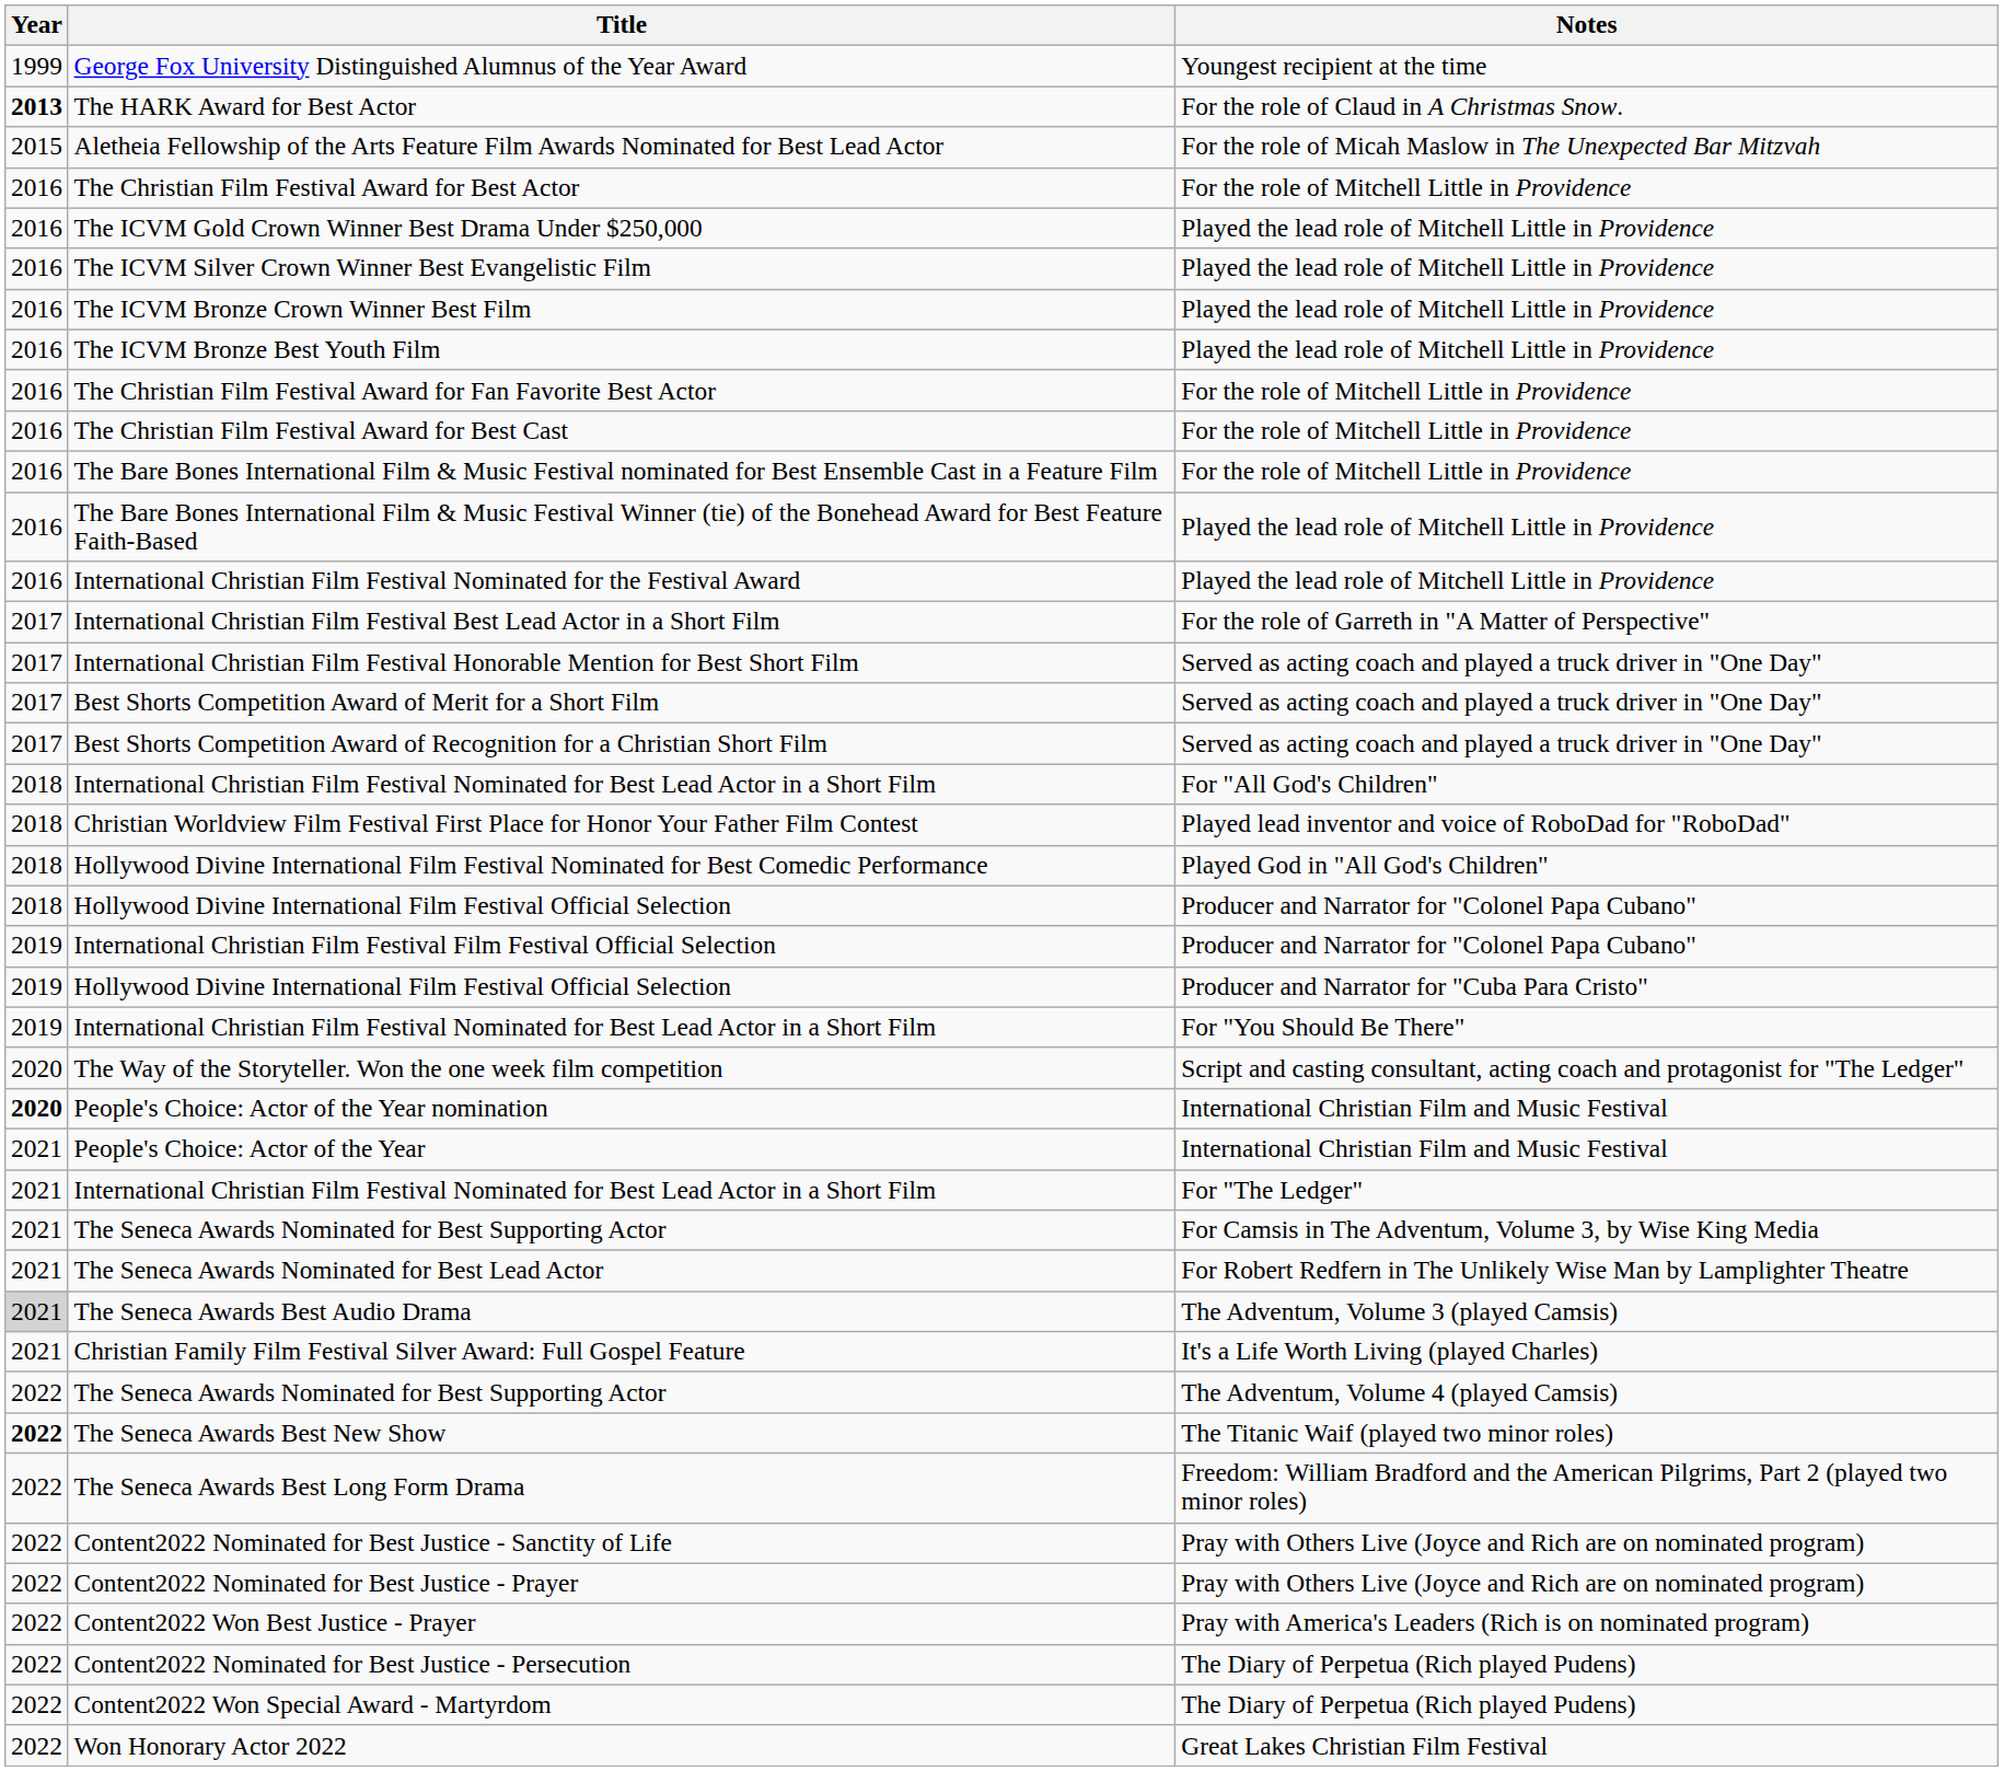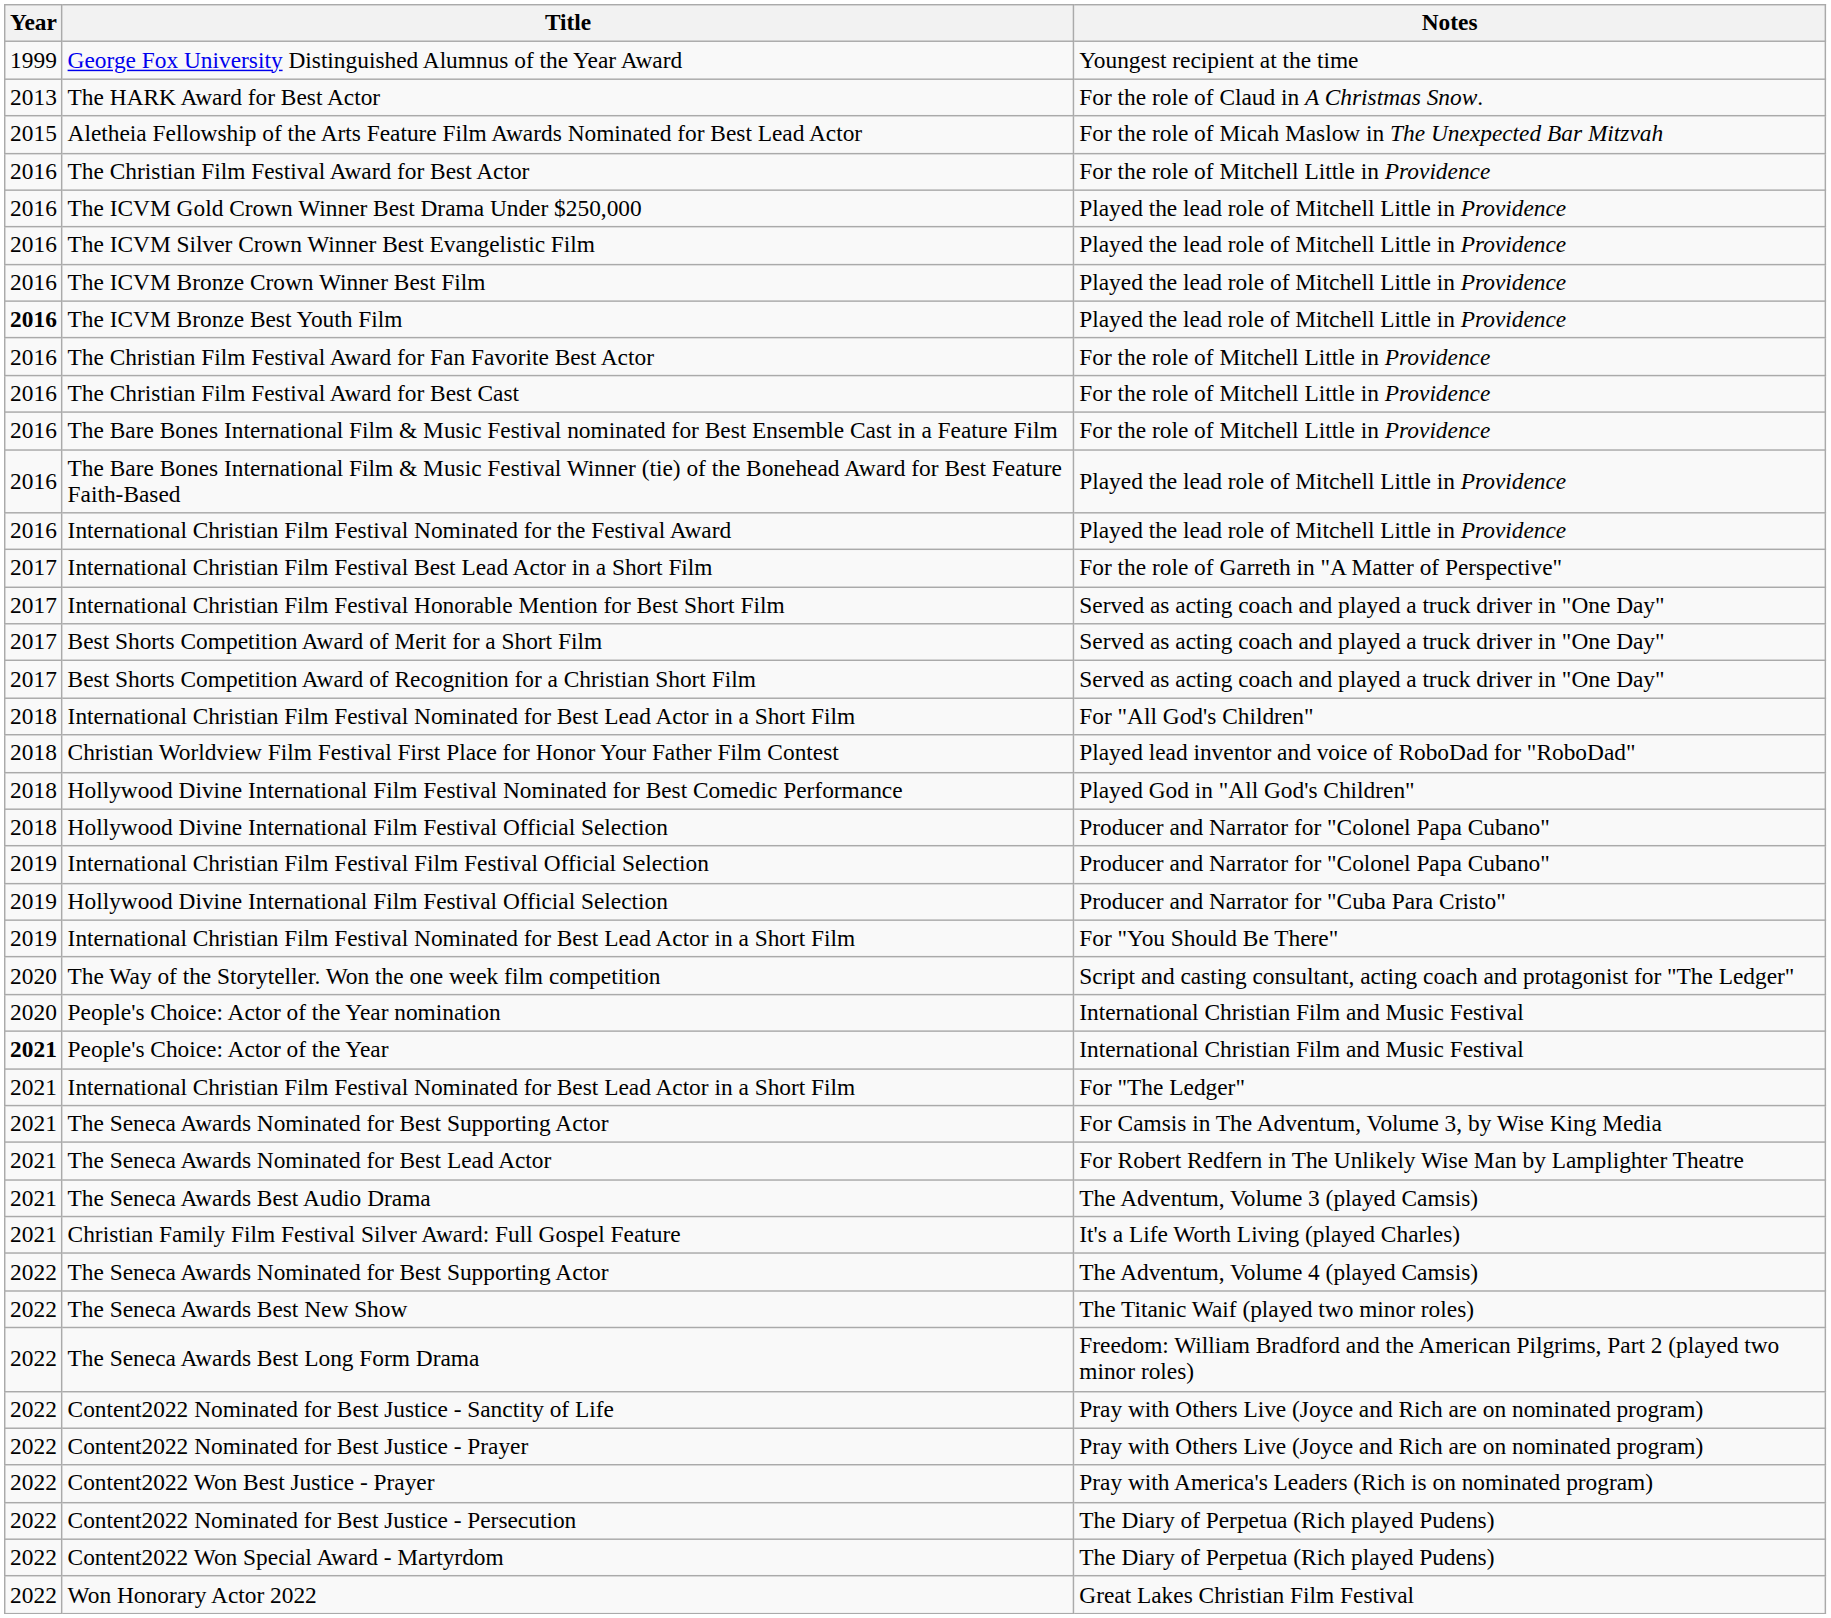 <table class="wikitable sortable">
 <tr>
 <th>Year</th>
 <th>Title</th>
 <th>Notes</th>
 </tr>
 <tr>
 <td>1999</td>
 <td><a href='#'>George Fox University</a> Distinguished Alumnus of the Year Award</td>
 <td>Youngest recipient at the time</td>
 </tr>
 <tr>
-<td><strong>2013</strong></td>
+<td>2013</td>
 <td>The HARK Award for Best Actor</td>
 <td>For the role of Claud in <em>A Christmas Snow</em>.</td>
 </tr>
 <tr>
 <td>2015</td>
 <td>Aletheia Fellowship of the Arts Feature Film Awards Nominated for Best Lead Actor</td>
 <td>For the role of Micah Maslow in <em>The Unexpected Bar Mitzvah</em></td>
 </tr>
 <tr>
 <td>2016</td>
 <td>The Christian Film Festival Award for Best Actor</td>
 <td>For the role of Mitchell Little in <em>Providence</em></td>
 </tr>
 <tr>
 <td>2016</td>
 <td>The ICVM Gold Crown Winner Best Drama Under $250,000</td>
 <td>Played the lead role of Mitchell Little in <em>Providence</em></td>
 </tr>
 <tr>
 <td>2016</td>
 <td>The ICVM Silver Crown Winner Best Evangelistic Film</td>
 <td>Played the lead role of Mitchell Little in <em>Providence</em></td>
 </tr>
 <tr>
 <td>2016</td>
 <td>The ICVM Bronze Crown Winner Best Film</td>
 <td>Played the lead role of Mitchell Little in <em>Providence</em></td>
 </tr>
 <tr>
-<td>2016</td>
+<td><strong>2016</strong></td>
 <td>The ICVM Bronze Best Youth Film</td>
 <td>Played the lead role of Mitchell Little in <em>Providence</em></td>
 </tr>
 <tr>
 <td>2016</td>
 <td>The Christian Film Festival Award for Fan Favorite Best Actor</td>
 <td>For the role of Mitchell Little in <em>Providence</em></td>
 </tr>
 <tr>
 <td>2016</td>
 <td>The Christian Film Festival Award for Best Cast</td>
 <td>For the role of Mitchell Little in <em>Providence</em></td>
 </tr>
 <tr>
 <td>2016</td>
 <td>The Bare Bones International Film & Music Festival nominated for Best Ensemble Cast in a Feature Film</td>
 <td>For the role of Mitchell Little in <em>Providence</em></td>
 </tr>
 <tr>
 <td>2016</td>
 <td>The Bare Bones International Film & Music Festival Winner (tie) of the Bonehead Award for Best Feature Faith-Based</td>
 <td>Played the lead role of Mitchell Little in <em>Providence</em></td>
 </tr>
 <tr>
 <td>2016</td>
 <td>International Christian Film Festival Nominated for the Festival Award</td>
 <td>Played the lead role of Mitchell Little in <em>Providence</em></td>
 </tr>
 <tr>
 <td>2017</td>
 <td>International Christian Film Festival Best Lead Actor in a Short Film</td>
 <td>For the role of Garreth in "A Matter of Perspective"</td>
 </tr>
 <tr>
 <td>2017</td>
 <td>International Christian Film Festival Honorable Mention for Best Short Film</td>
 <td>Served as acting coach and played a truck driver in "One Day"</td>
 </tr>
 <tr>
 <td>2017</td>
 <td>Best Shorts Competition Award of Merit for a Short Film</td>
 <td>Served as acting coach and played a truck driver in "One Day"</td>
 </tr>
 <tr>
 <td>2017</td>
 <td>Best Shorts Competition Award of Recognition for a Christian Short Film</td>
 <td>Served as acting coach and played a truck driver in "One Day"</td>
 </tr>
 <tr>
 <td>2018</td>
 <td>International Christian Film Festival Nominated for Best Lead Actor in a Short Film</td>
 <td>For "All God's Children"</td>
 </tr>
 <tr>
 <td>2018</td>
 <td>Christian Worldview Film Festival First Place for Honor Your Father Film Contest</td>
 <td>Played lead inventor and voice of RoboDad for "RoboDad"</td>
 </tr>
 <tr>
 <td>2018</td>
 <td>Hollywood Divine International Film Festival Nominated for Best Comedic Performance</td>
 <td>Played God in "All God's Children"</td>
 </tr>
 <tr>
 <td>2018</td>
 <td>Hollywood Divine International Film Festival Official Selection</td>
 <td>Producer and Narrator for "Colonel Papa Cubano"</td>
 </tr>
 <tr>
 <td>2019</td>
 <td>International Christian Film Festival Film Festival Official Selection</td>
 <td>Producer and Narrator for "Colonel Papa Cubano"</td>
 </tr>
 <tr>
 <td>2019</td>
 <td>Hollywood Divine International Film Festival Official Selection</td>
 <td>Producer and Narrator for "Cuba Para Cristo"</td>
 </tr>
 <tr>
 <td>2019</td>
 <td>International Christian Film Festival Nominated for Best Lead Actor in a Short Film</td>
 <td>For "You Should Be There"</td>
 </tr>
 <tr>
 <td>2020</td>
 <td>The Way of the Storyteller. Won the one week film competition</td>
 <td>Script and casting consultant, acting coach and protagonist for "The Ledger"</td>
 </tr>
 <tr>
-<td><strong>2020</strong></td>
+<td>2020</td>
 <td>People's Choice: Actor of the Year nomination</td>
 <td>International Christian Film and Music Festival</td>
 </tr>
 <tr>
-<td>2021</td>
+<td><strong>2021</strong></td>
 <td>People's Choice: Actor of the Year</td>
 <td>International Christian Film and Music Festival</td>
 </tr>
 <tr>
 <td>2021</td>
 <td>International Christian Film Festival Nominated for Best Lead Actor in a Short Film</td>
 <td>For "The Ledger"</td>
 </tr>
 <tr>
 <td>2021</td>
 <td>The Seneca Awards Nominated for Best Supporting Actor</td>
 <td>For Camsis in The Adventum, Volume 3, by Wise King Media</td>
 </tr>
 <tr>
 <td>2021</td>
 <td>The Seneca Awards Nominated for Best Lead Actor</td>
 <td>For Robert Redfern in The Unlikely Wise Man by Lamplighter Theatre</td>
 </tr>
 <tr>
-<td style="background: lightgrey;">2021</td>
+<td>2021</td>
 <td>The Seneca Awards Best Audio Drama</td>
 <td>The Adventum, Volume 3 (played Camsis)</td>
 </tr>
 <tr>
 <td>2021</td>
 <td>Christian Family Film Festival Silver Award: Full Gospel Feature</td>
 <td>It's a Life Worth Living (played Charles)</td>
 </tr>
 <tr>
 <td>2022</td>
 <td>The Seneca Awards Nominated for Best Supporting Actor</td>
 <td>The Adventum, Volume 4 (played Camsis)</td>
 </tr>
 <tr>
-<td><strong>2022</strong></td>
+<td>2022</td>
 <td>The Seneca Awards Best New Show</td>
 <td>The Titanic Waif (played two minor roles)</td>
 </tr>
 <tr>
 <td>2022</td>
 <td>The Seneca Awards Best Long Form Drama</td>
 <td>Freedom: William Bradford and the American Pilgrims, Part 2 (played two minor roles)</td>
 </tr>
 <tr>
 <td>2022</td>
 <td>Content2022 Nominated for Best Justice - Sanctity of Life</td>
 <td>Pray with Others Live (Joyce and Rich are on nominated program)</td>
 </tr>
 <tr>
 <td>2022</td>
 <td>Content2022 Nominated for Best Justice - Prayer</td>
 <td>Pray with Others Live (Joyce and Rich are on nominated program)</td>
 </tr>
 <tr>
 <td>2022</td>
 <td>Content2022 Won Best Justice - Prayer</td>
 <td>Pray with America's Leaders (Rich is on nominated program)</td>
 </tr>
 <tr>
 <td>2022</td>
 <td>Content2022 Nominated for Best Justice - Persecution</td>
 <td>The Diary of Perpetua (Rich played Pudens)</td>
 </tr>
 <tr>
 <td>2022</td>
 <td>Content2022 Won Special Award - Martyrdom</td>
 <td>The Diary of Perpetua (Rich played Pudens)</td>
 </tr>
 <tr>
 <td>2022</td>
 <td>Won Honorary Actor 2022</td>
 <td>Great Lakes Christian Film Festival</td>
 </tr>
 </table>
